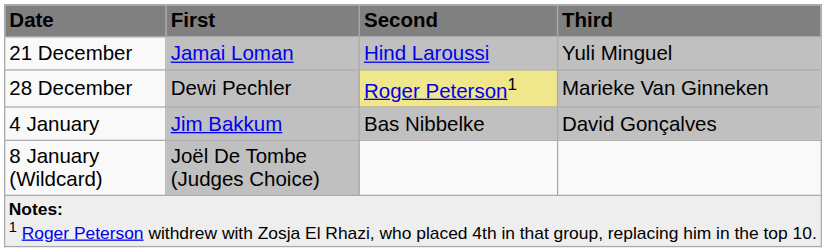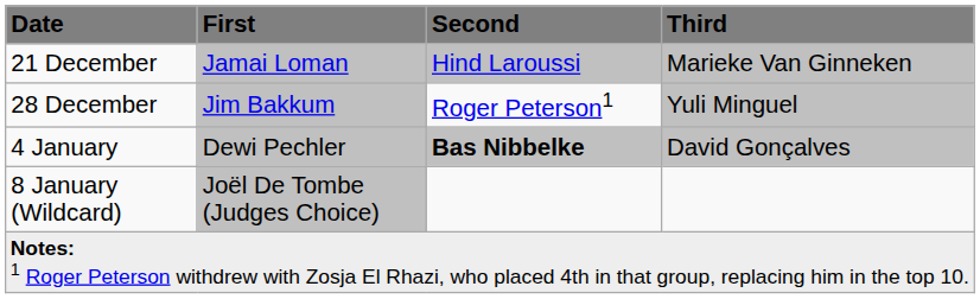 <table class="wikitable">
 <tr bgcolor=#808080>
 <td><strong>Date</strong></td>
 <td><strong>First</strong></td>
 <td><strong>Second</strong></td>
 <td><strong>Third</strong></td>
 </tr>
 <tr>
 <td>21 December</td>
 <td bgcolor="#C0C0C0"><a href='#'>Jamai Loman</a></td>
 <td bgcolor="#C0C0C0"><a href='#'>Hind Laroussi</a></td>
+<td bgcolor="#C0C0C0">Marieke Van Ginneken</td>
+</tr>
+<tr>
+<td>28 December</td>
+<td bgcolor="#C0C0C0"><a href='#'>Jim Bakkum</a></td>
+<td><a href='#'>Roger Peterson</a><sup>1</sup></td>
 <td bgcolor="#C0C0C0">Yuli Minguel</td>
 </tr>
 <tr>
-<td>28 December</td>
+<td>4 January</td>
 <td bgcolor="#C0C0C0">Dewi Pechler</td>
-<td style="background: khaki;"><a href='#'>Roger Peterson</a><sup>1</sup></td>
-<td bgcolor="#C0C0C0">Marieke Van Ginneken</td>
-</tr>
-<tr>
-<td>4 January</td>
-<td bgcolor="#C0C0C0"><a href='#'>Jim Bakkum</a></td>
-<td bgcolor="#C0C0C0">Bas Nibbelke</td>
+<td bgcolor="#C0C0C0"><strong>Bas Nibbelke</strong></td>
 <td bgcolor="#C0C0C0">David Gonçalves</td>
 </tr>
 <tr>
 <td>8 January<br>(Wildcard)</td>
 <td bgcolor="#C0C0C0">Joël De Tombe<br>(Judges Choice)</td>
 <td></td>
 <td></td>
 </tr>
 <tr>
 <td colspan=17 style="font-size:85%" bgcolor=#EEEEEE><strong>Notes:</strong><br><sup>1</sup> <a href='#'>Roger Peterson</a> withdrew with Zosja El Rhazi, who placed 4th in that group, replacing him in the top 10.</td>
 </tr>
 </table>
